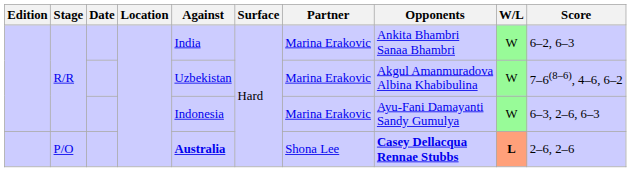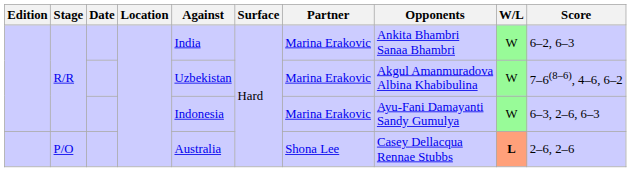 <table class=wikitable style=font-size:97%>
 <tr>
 <th>Edition</th>
 <th>Stage</th>
 <th>Date</th>
 <th>Location</th>
 <th>Against</th>
 <th>Surface</th>
 <th>Partner</th>
 <th>Opponents</th>
 <th>W/L</th>
 <th>Score</th>
 </tr>
 <tr style="background:#ccccff;">
 <td rowspan="3"></td>
 <td rowspan="3"><a href='#'>R/R</a></td>
 <td></td>
 <td rowspan="4"></td>
 <td> <a href='#'>India</a></td>
 <td rowspan="4">Hard</td>
 <td> <a href='#'>Marina Erakovic</a></td>
 <td><a href='#'>Ankita Bhambri</a> <br> <a href='#'>Sanaa Bhambri</a></td>
 <td style="text-align:center; background:#98fb98;">W</td>
 <td>6–2, 6–3</td>
 </tr>
 <tr style="background:#ccccff;">
 <td></td>
 <td> <a href='#'>Uzbekistan</a></td>
 <td> <a href='#'>Marina Erakovic</a></td>
 <td><a href='#'>Akgul Amanmuradova</a> <br> <a href='#'>Albina Khabibulina</a></td>
 <td style="text-align:center; background:#98fb98;">W</td>
 <td>7–6<sup>(8–6)</sup>, 4–6, 6–2</td>
 </tr>
 <tr style="background:#ccccff;">
 <td></td>
 <td> <a href='#'>Indonesia</a></td>
 <td> <a href='#'>Marina Erakovic</a></td>
 <td><a href='#'>Ayu-Fani Damayanti</a> <br> <a href='#'>Sandy Gumulya</a></td>
 <td style="text-align:center; background:#98fb98;">W</td>
 <td>6–3, 2–6, 6–3</td>
 </tr>
 <tr style="background:#ccccff;">
 <td rowspan="1"></td>
 <td rowspan="1"><a href='#'>P/O</a></td>
 <td></td>
-<td><strong> <a href='#'>Australia</a></strong></td>
+<td> <a href='#'>Australia</a></td>
 <td> <a href='#'>Shona Lee</a></td>
-<td><strong><a href='#'>Casey Dellacqua</a> <br> <a href='#'>Rennae Stubbs</a></strong></td>
+<td><a href='#'>Casey Dellacqua</a> <br> <a href='#'>Rennae Stubbs</a></td>
 <td style="text-align:center; background:#ffa07a;"><strong>L</strong></td>
 <td>2–6, 2–6</td>
 </tr>
 </table>
